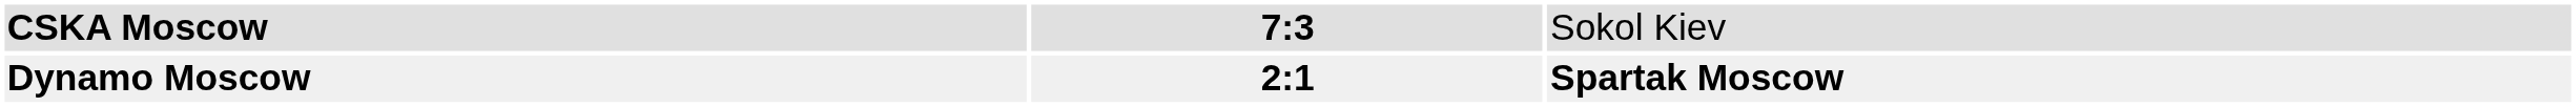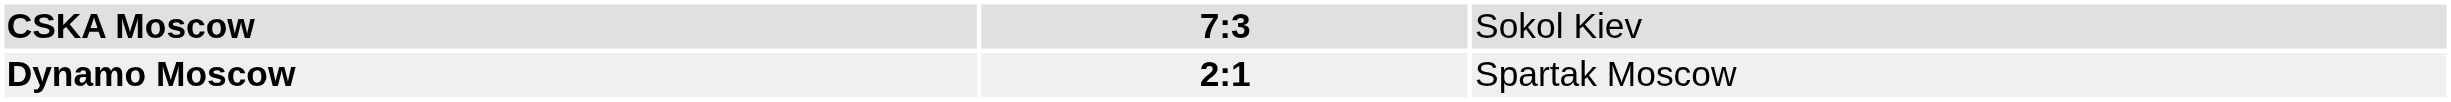 <table width="70%">
 <tr bgcolor="#e0e0e0">
 <td style="width:40%;"><strong>CSKA Moscow</strong></td>
 <th style="width:20%;"><strong>7:3</strong></th>
 <td style="width:40%;">Sokol Kiev</td>
 </tr>
 <tr bgcolor="#f0f0f0">
 <td><strong>Dynamo Moscow</strong></td>
 <td align="center"><strong>2:1</strong></td>
-<td><strong>Spartak Moscow</strong></td>
+<td>Spartak Moscow</td>
 </tr>
 </table>
